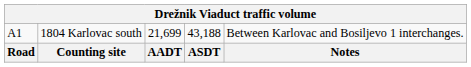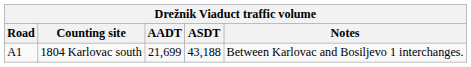 <table class="wikitable">
 <tr>
 <td colspan=5 style="background:#f2f2f2;" align=center style=margin-top:15><strong>Drežnik Viaduct traffic volume</strong></td>
+</tr>
+<tr>
+<td align=center style="background:#f2f2f2;"><strong>Road</strong></td>
+<td align=center style="background:#f2f2f2;"><strong>Counting site</strong></td>
+<td align=center style="background:#f2f2f2;"><strong>AADT</strong></td>
+<td align=center style="background:#f2f2f2;"><strong>ASDT</strong></td>
+<td align=center style="background:#f2f2f2;"><strong>Notes</strong></td>
 </tr>
 <tr>
 <td> A1</td>
 <td>1804 Karlovac south</td>
 <td align=center>21,699</td>
 <td align=center>43,188</td>
 <td>Between Karlovac and Bosiljevo 1 interchanges.</td>
 </tr>
-<tr>
-<td align=center style="background:#f2f2f2;"><strong>Road</strong></td>
-<td align=center style="background:#f2f2f2;"><strong>Counting site</strong></td>
-<td align=center style="background:#f2f2f2;"><strong>AADT</strong></td>
-<td align=center style="background:#f2f2f2;"><strong>ASDT</strong></td>
-<td align=center style="background:#f2f2f2;"><strong>Notes</strong></td>
-</tr>
 </table>
